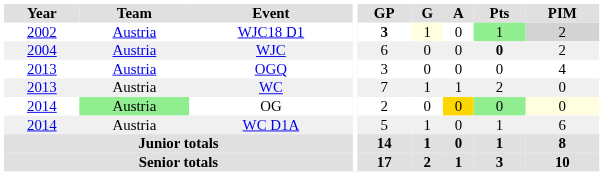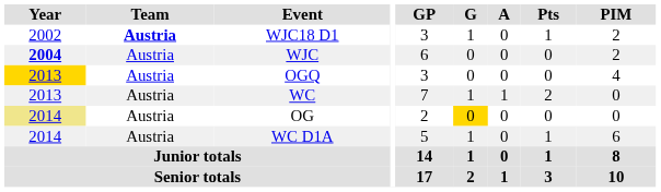 <table border="0" cellpadding="1" cellspacing="0" ID="Table3" style="text-align:center; width:40em">
 <tr ALIGN="center" bgcolor="#e0e0e0">
 <th>Year</th>
 <th>Team</th>
 <th>Event</th>
 <th rowspan="102" bgcolor="#ffffff"></th>
 <th>GP</th>
 <th>G</th>
 <th>A</th>
 <th>Pts</th>
 <th>PIM</th>
 </tr>
 <tr>
 <td><a href='#'>2002</a></td>
-<td><a href='#'>Austria</a></td>
+<td><strong><a href='#'>Austria</a></strong></td>
 <td><a href='#'>WJC18 D1</a></td>
-<td><strong>3</strong></td>
-<td style="background: lightyellow;">1</td>
+<td>3</td>
+<td>1</td>
 <td>0</td>
-<td style="background: lightgreen;">1</td>
-<td style="background: lightgrey;">2</td>
+<td>1</td>
+<td>2</td>
 </tr>
 <tr bgcolor="#f0f0f0">
-<td><a href='#'>2004</a></td>
+<td><strong><a href='#'>2004</a></strong></td>
 <td><a href='#'>Austria</a></td>
 <td><a href='#'>WJC</a></td>
 <td>6</td>
 <td>0</td>
 <td>0</td>
-<td><strong>0</strong></td>
+<td>0</td>
 <td>2</td>
 </tr>
 <tr>
-<td><a href='#'>2013</a></td>
+<td style="background: gold;"><a href='#'>2013</a></td>
 <td><a href='#'>Austria</a></td>
 <td><a href='#'>OGQ</a></td>
 <td>3</td>
 <td>0</td>
 <td>0</td>
 <td>0</td>
 <td>4</td>
 </tr>
 <tr bgcolor="#f0f0f0">
 <td><a href='#'>2013</a></td>
 <td>Austria</td>
 <td><a href='#'>WC</a></td>
 <td>7</td>
 <td>1</td>
 <td>1</td>
 <td>2</td>
 <td>0</td>
 </tr>
 <tr>
-<td><a href='#'>2014</a></td>
-<td style="background: lightgreen;">Austria</td>
+<td style="background: khaki;"><a href='#'>2014</a></td>
+<td>Austria</td>
 <td>OG</td>
 <td>2</td>
+<td style="background: gold;">0</td>
 <td>0</td>
-<td style="background: gold;">0</td>
-<td style="background: lightgreen;">0</td>
-<td style="background: lightyellow;">0</td>
+<td>0</td>
+<td>0</td>
 </tr>
 <tr bgcolor="#f0f0f0">
 <td><a href='#'>2014</a></td>
 <td>Austria</td>
 <td><a href='#'>WC D1A</a></td>
 <td>5</td>
 <td>1</td>
 <td>0</td>
 <td>1</td>
 <td>6</td>
 </tr>
 <tr bgcolor="#e0e0e0">
 <th colspan=3>Junior totals</th>
 <th>14</th>
 <th>1</th>
 <th>0</th>
 <th>1</th>
 <th>8</th>
 </tr>
 <tr bgcolor="#e0e0e0">
 <th colspan=3>Senior totals</th>
 <th>17</th>
 <th>2</th>
 <th>1</th>
 <th>3</th>
 <th>10</th>
 </tr>
 </table>
